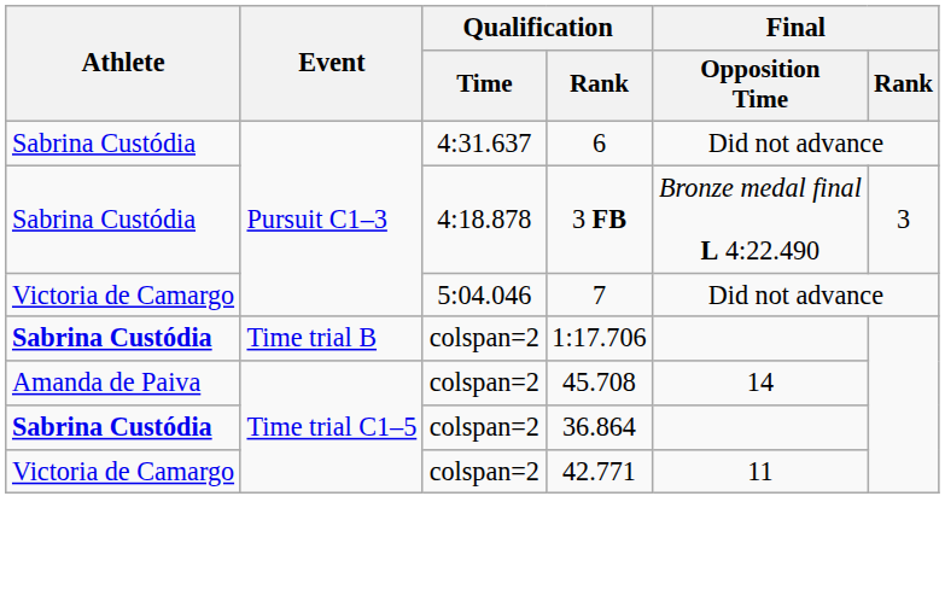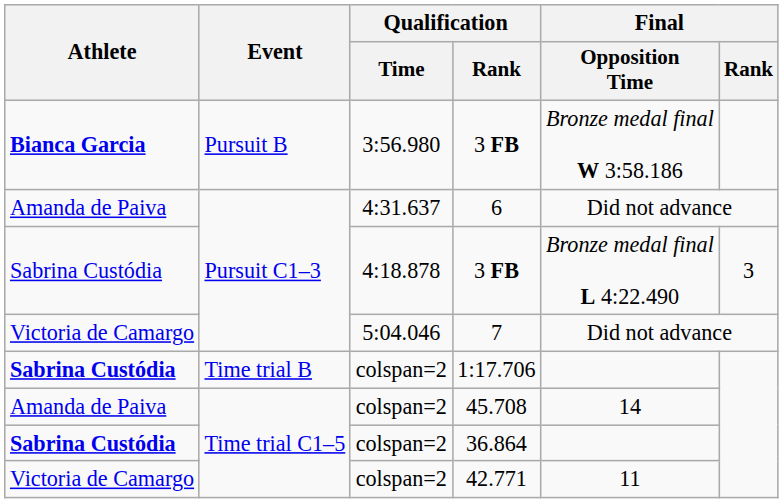 <table class=wikitable style="font-size:90%">
 <tr>
 <th rowspan="2">Athlete</th>
 <th rowspan="2">Event</th>
 <th colspan="2">Qualification</th>
 <th colspan="2">Final</th>
 </tr>
 <tr style="font-size:95%">
 <th>Time</th>
 <th>Rank</th>
 <th>Opposition<br>Time</th>
 <th>Rank</th>
 </tr>
 <tr align=center>
-<td align=left><a href='#'>Sabrina Custódia</a></td>
+<td align=left><strong><a href='#'>Bianca Garcia</a></strong></td>
+<td align=left><a href='#'>Pursuit B</a></td>
+<td>3:56.980</td>
+<td>3 <strong>FB</strong></td>
+<td><em>Bronze medal final</em><br><br><strong>W</strong> 3:58.186</td>
+<td></td>
+</tr>
+<tr align=center>
+<td align=left><a href='#'>Amanda de Paiva</a></td>
 <td align=left rowspan=3><a href='#'>Pursuit C1–3</a></td>
 <td>4:31.637</td>
 <td>6</td>
 <td colspan=2>Did not advance</td>
 </tr>
 <tr align=center>
 <td align=left><a href='#'>Sabrina Custódia</a></td>
 <td>4:18.878</td>
 <td>3 <strong>FB</strong></td>
 <td><em>Bronze medal final</em><br><br><strong>L</strong> 4:22.490</td>
 <td>3</td>
 </tr>
 <tr align=center>
 <td align=left><a href='#'>Victoria de Camargo</a></td>
 <td>5:04.046</td>
 <td>7</td>
 <td colspan=2>Did not advance</td>
 </tr>
 <tr align=center>
 <td align=left><strong><a href='#'>Sabrina Custódia</a></strong></td>
 <td align=left><a href='#'>Time trial B</a></td>
 <td>colspan=2 </td>
 <td>1:17.706</td>
 <td></td>
 </tr>
 <tr align=center>
 <td align=left><a href='#'>Amanda de Paiva</a></td>
 <td align=left rowspan=3><a href='#'>Time trial C1–5</a></td>
 <td>colspan=2 </td>
 <td>45.708</td>
 <td>14</td>
 </tr>
 <tr align=center>
 <td align=left><strong><a href='#'>Sabrina Custódia</a></strong></td>
 <td>colspan=2 </td>
 <td>36.864</td>
 <td></td>
 </tr>
 <tr align=center>
 <td align=left><a href='#'>Victoria de Camargo</a></td>
 <td>colspan=2 </td>
 <td>42.771</td>
 <td>11</td>
 </tr>
 </table>
